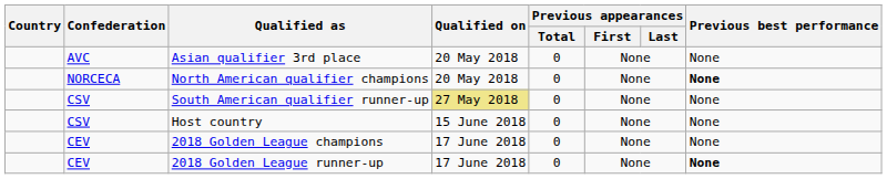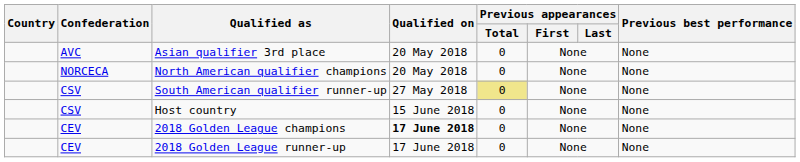 <table class="wikitable sortable" style="font-size:90%">
 <tr>
 <th rowspan=2>Country</th>
 <th rowspan=2>Confederation</th>
 <th rowspan=2>Qualified as</th>
 <th rowspan=2>Qualified on</th>
 <th colspan=3>Previous appearances</th>
 <th rowspan=2>Previous best performance</th>
 </tr>
 <tr>
 <th>Total</th>
 <th>First</th>
 <th>Last</th>
 </tr>
 <tr>
 <td></td>
 <td><a href='#'>AVC</a></td>
 <td> <a href='#'>Asian qualifier</a> 3rd place</td>
 <td> 20 May 2018</td>
 <td style="text-align:center">0</td>
 <td colspan=2 style="text-align:center">None</td>
 <td>None</td>
 </tr>
 <tr>
 <td></td>
 <td><a href='#'>NORCECA</a></td>
 <td> <a href='#'>North American qualifier</a> champions</td>
 <td> 20 May 2018</td>
 <td style="text-align:center">0</td>
 <td colspan=2 style="text-align:center">None</td>
-<td><strong>None</strong></td>
+<td>None</td>
 </tr>
 <tr>
 <td></td>
 <td><a href='#'>CSV</a></td>
 <td> <a href='#'>South American qualifier</a> runner-up</td>
-<td style="background: khaki;"> 27 May 2018</td>
-<td style="text-align:center">0</td>
+<td> 27 May 2018</td>
+<td style="background: khaki; text-align:center">0</td>
 <td colspan=2 style="text-align:center">None</td>
 <td>None</td>
 </tr>
 <tr>
 <td></td>
 <td><a href='#'>CSV</a></td>
 <td> Host country</td>
 <td> 15 June 2018</td>
 <td style="text-align:center">0</td>
 <td colspan=2 style="text-align:center">None</td>
 <td>None</td>
 </tr>
 <tr>
 <td></td>
 <td><a href='#'>CEV</a></td>
 <td> <a href='#'>2018 Golden League</a> champions</td>
-<td> 17 June 2018</td>
+<td><strong> 17 June 2018</strong></td>
 <td style="text-align:center">0</td>
 <td colspan=2 style="text-align:center">None</td>
 <td>None</td>
 </tr>
 <tr>
 <td></td>
 <td><a href='#'>CEV</a></td>
 <td> <a href='#'>2018 Golden League</a> runner-up</td>
 <td> 17 June 2018</td>
 <td style="text-align:center">0</td>
 <td colspan=2 style="text-align:center">None</td>
-<td><strong>None</strong></td>
+<td>None</td>
 </tr>
 </table>
